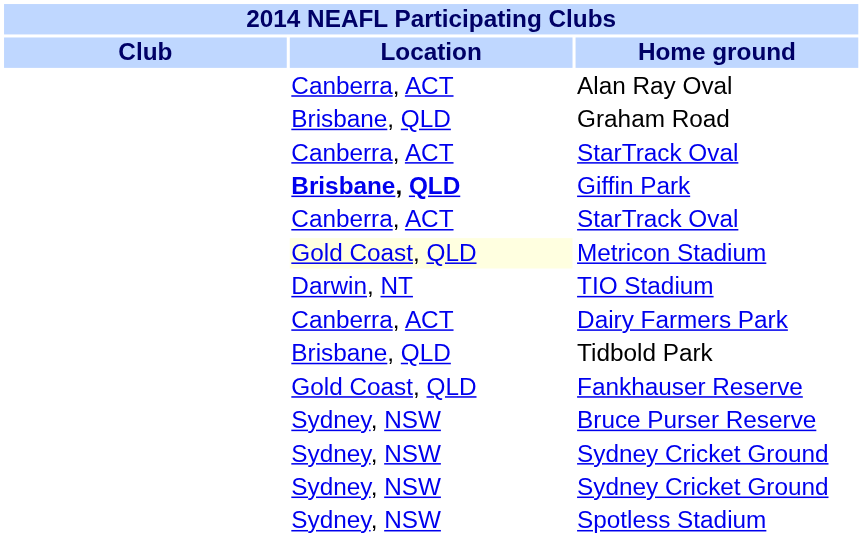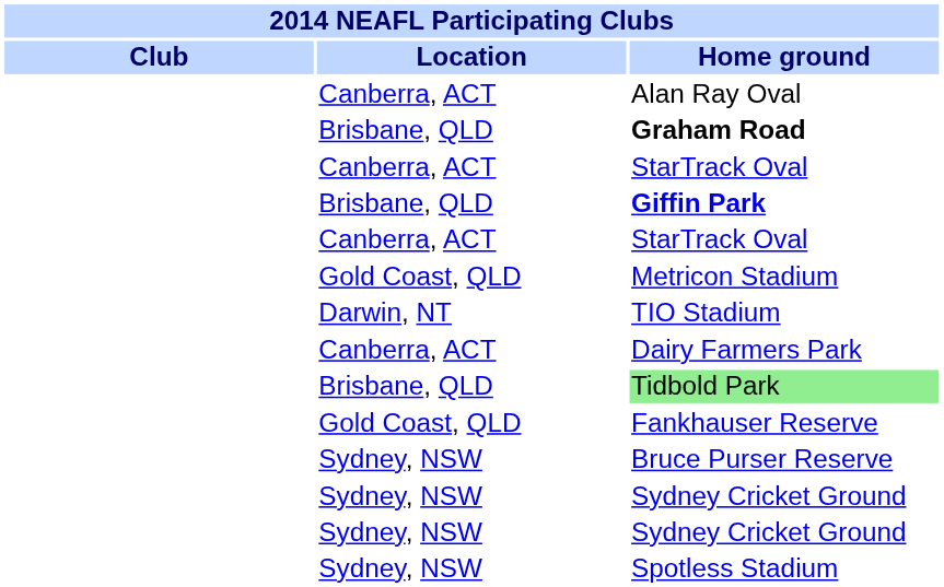 <table class=  style="width:90%; clear:both; margin:1.5em auto; text-align:center;">
 <tr>
 <th colspan=11 style="background:#bfd7ff; color:#000066;">2014 NEAFL Participating Clubs</th>
 </tr>
 <tr style="text-align:center; background:#bfd7ff; color:#000066;">
 <th width=30%>Club</th>
 <th width=30%>Location</th>
 <th width=30%>Home ground</th>
 </tr>
 <tr>
 <td></td>
 <td><a href='#'>Canberra</a>, <a href='#'>ACT</a></td>
 <td>Alan Ray Oval</td>
 </tr>
 <tr>
 <td></td>
 <td><a href='#'>Brisbane</a>, <a href='#'>QLD</a></td>
-<td>Graham Road</td>
+<td><strong>Graham Road</strong></td>
 </tr>
 <tr>
 <td></td>
 <td><a href='#'>Canberra</a>, <a href='#'>ACT</a></td>
 <td><a href='#'>StarTrack Oval</a></td>
 </tr>
 <tr>
 <td></td>
-<td><strong><a href='#'>Brisbane</a>, <a href='#'>QLD</a></strong></td>
-<td><a href='#'>Giffin Park</a></td>
+<td><a href='#'>Brisbane</a>, <a href='#'>QLD</a></td>
+<td><strong><a href='#'>Giffin Park</a></strong></td>
 </tr>
 <tr>
 <td></td>
 <td><a href='#'>Canberra</a>, <a href='#'>ACT</a></td>
 <td><a href='#'>StarTrack Oval</a></td>
 </tr>
 <tr>
 <td></td>
-<td style="background: lightyellow;"><a href='#'>Gold Coast</a>, <a href='#'>QLD</a></td>
+<td><a href='#'>Gold Coast</a>, <a href='#'>QLD</a></td>
 <td><a href='#'>Metricon Stadium</a></td>
 </tr>
 <tr>
 <td></td>
 <td><a href='#'>Darwin</a>, <a href='#'>NT</a></td>
 <td><a href='#'>TIO Stadium</a></td>
 </tr>
 <tr>
 <td></td>
 <td><a href='#'>Canberra</a>, <a href='#'>ACT</a></td>
 <td><a href='#'>Dairy Farmers Park</a></td>
 </tr>
 <tr>
 <td></td>
 <td><a href='#'>Brisbane</a>, <a href='#'>QLD</a></td>
-<td>Tidbold Park</td>
+<td style="background: lightgreen;">Tidbold Park</td>
 </tr>
 <tr>
 <td></td>
 <td><a href='#'>Gold Coast</a>, <a href='#'>QLD</a></td>
 <td><a href='#'>Fankhauser Reserve</a></td>
 </tr>
 <tr>
 <td></td>
 <td><a href='#'>Sydney</a>, <a href='#'>NSW</a></td>
 <td><a href='#'>Bruce Purser Reserve</a></td>
 </tr>
 <tr>
 <td></td>
 <td><a href='#'>Sydney</a>, <a href='#'>NSW</a></td>
 <td><a href='#'>Sydney Cricket Ground</a></td>
 </tr>
 <tr>
 <td></td>
 <td><a href='#'>Sydney</a>, <a href='#'>NSW</a></td>
 <td><a href='#'>Sydney Cricket Ground</a></td>
 </tr>
 <tr>
 <td></td>
 <td><a href='#'>Sydney</a>, <a href='#'>NSW</a></td>
 <td><a href='#'>Spotless Stadium</a></td>
 </tr>
 </table>
